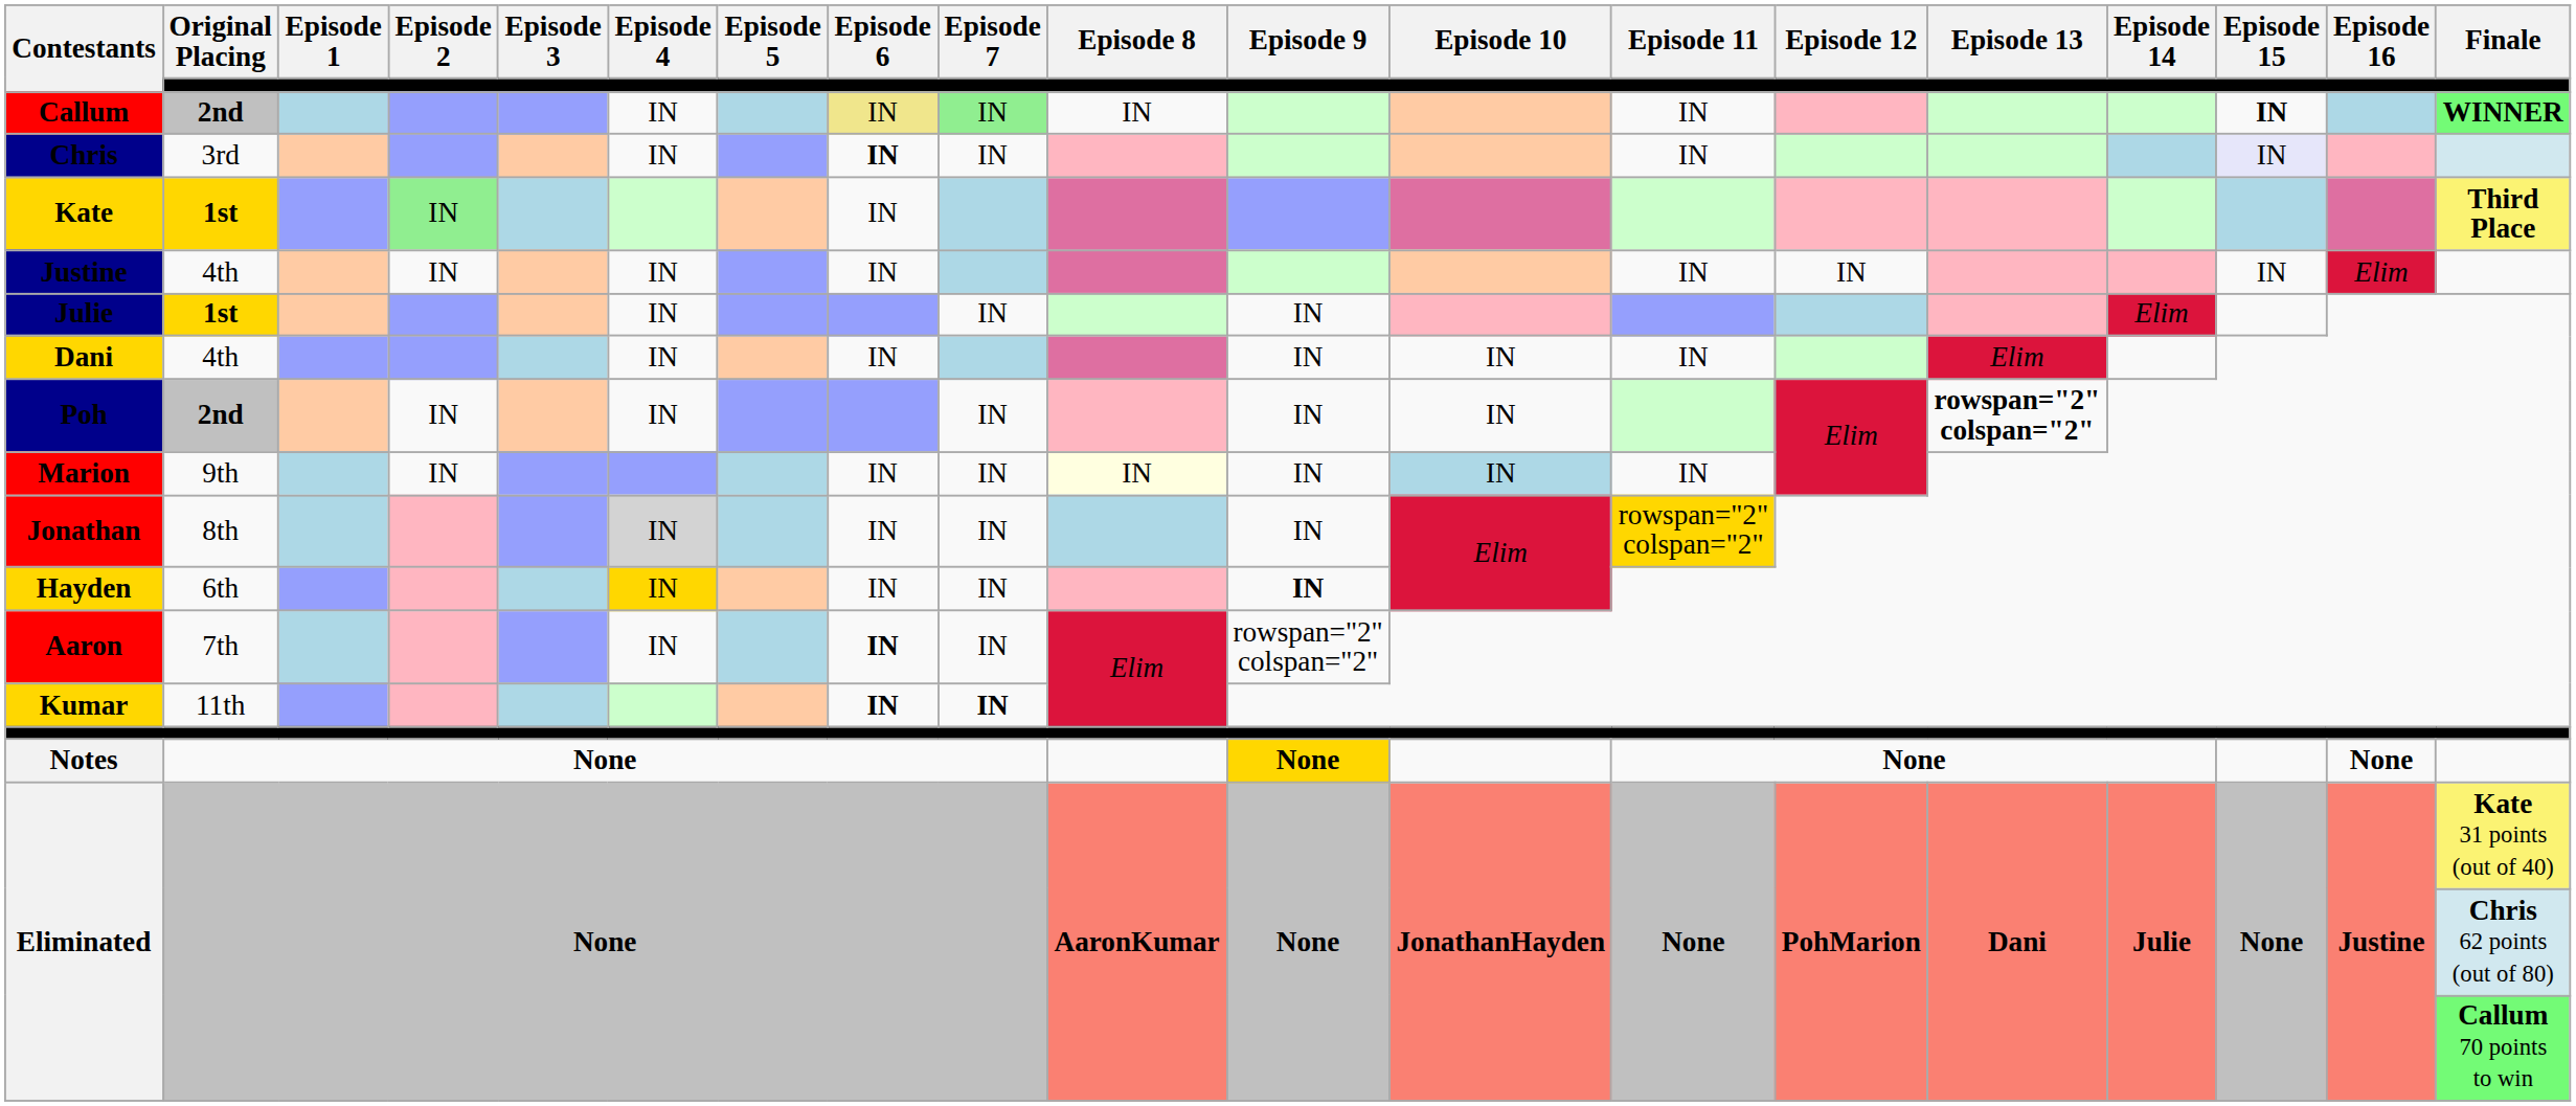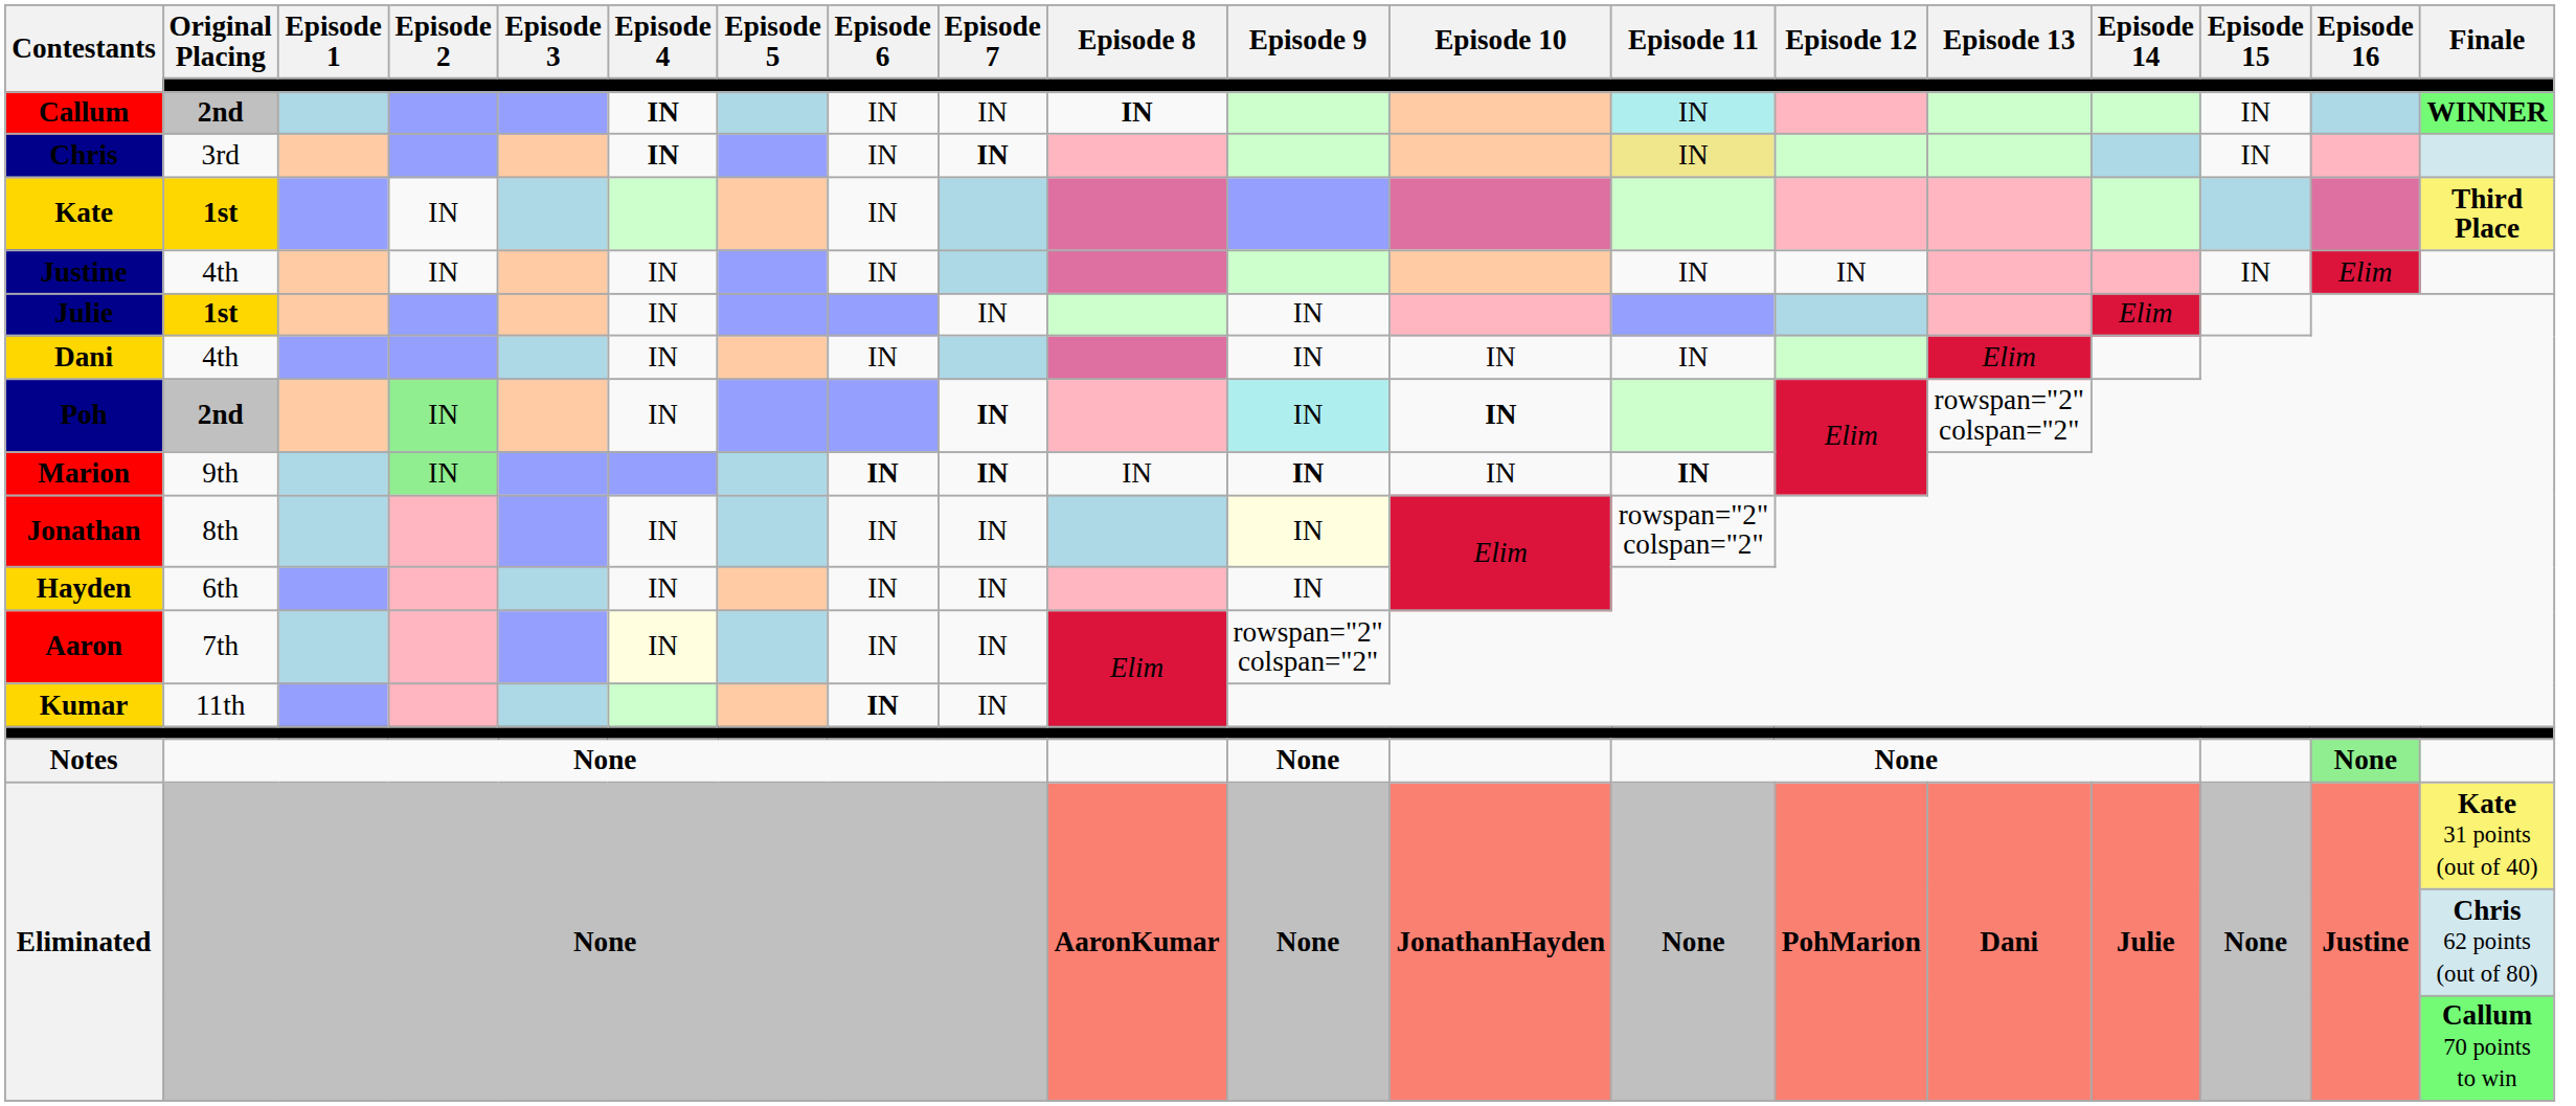 <table class="wikitable" style="text-align:center; width:80%; font-size:90%; line-height:15px">
 <tr>
 <th rowspan="2">Contestants</th>
 <th>Original Placing</th>
 <th>Episode 1</th>
 <th>Episode 2</th>
 <th>Episode 3</th>
 <th>Episode 4</th>
 <th>Episode 5</th>
 <th>Episode 6</th>
 <th>Episode 7</th>
 <th>Episode 8</th>
 <th>Episode 9</th>
 <th>Episode 10</th>
 <th>Episode 11</th>
 <th>Episode 12</th>
 <th>Episode 13</th>
 <th>Episode 14</th>
 <th>Episode 15</th>
 <th>Episode 16</th>
 <th>Finale</th>
 </tr>
 <tr>
 <td style="background:black;" colspan="30"></td>
 </tr>
 <tr>
 <th style="background:red;"><span> Callum</span></th>
 <th style="background: silver;">2nd</th>
 <td style="background:lightblue;"></td>
 <td style="background:#959ffd;"></td>
 <td style="background:#959ffd;"></td>
+<td><strong>IN</strong></td>
+<td style="background:lightblue;"></td>
 <td>IN</td>
-<td style="background:lightblue;"></td>
-<td style="background: khaki;">IN</td>
-<td style="background: lightgreen;">IN</td>
 <td>IN</td>
+<td><strong>IN</strong></td>
 <td style="background:#cfc;"></td>
 <td style="background:#FFCBA4;"></td>
-<td>IN</td>
+<td style="background: paleturquoise;">IN</td>
 <td style="background:lightpink;"></td>
 <td style="background:#cfc;"></td>
 <td style="background:#cfc;"></td>
-<td><strong>IN</strong></td>
+<td>IN</td>
 <td style="background:lightblue;"></td>
 <td style="background:#73fb76;"><strong>WINNER</strong></td>
 </tr>
 <tr>
 <th style="background:darkblue;"><span>Chris</span></th>
 <td>3rd</td>
 <td style="background:#FFCBA4;"></td>
 <td style="background:#959ffd;"></td>
 <td style="background:#FFCBA4;"></td>
+<td><strong>IN</strong></td>
+<td style="background:#959ffd;"></td>
 <td>IN</td>
-<td style="background:#959ffd;"></td>
 <td><strong>IN</strong></td>
-<td>IN</td>
 <td style="background:lightpink;"></td>
 <td style="background:#cfc;"></td>
 <td style="background:#FFCBA4;"></td>
-<td>IN</td>
+<td style="background: khaki;">IN</td>
 <td style="background:#cfc;"></td>
 <td style="background:#cfc;"></td>
 <td style="background:lightblue;"></td>
-<td style="background: lavender;">IN</td>
+<td>IN</td>
 <td style="background:lightpink;"></td>
 <td style="background:#d1e8ef;"></td>
 </tr>
 <tr>
 <th style="background:gold;">Kate</th>
 <th style="background:gold;">1st</th>
 <td style="background:#959ffd;"></td>
-<td style="background: lightgreen;">IN</td>
+<td>IN</td>
 <td style="background:lightblue;"></td>
 <td style="background:#cfc;"></td>
 <td style="background:#FFCBA4;"></td>
 <td>IN</td>
 <td style="background:lightblue;"></td>
 <td style="background:#de6fa1;"></td>
 <td style="background:#959ffd;"></td>
 <td style="background:#de6fa1;"></td>
 <td style="background:#cfc;"></td>
 <td style="background:lightpink;"></td>
 <td style="background:lightpink;"></td>
 <td style="background:#cfc;"></td>
 <td style="background:lightblue;"></td>
 <td style="background:#de6fa1;"></td>
 <td style="background:#fbf373;"><strong>Third Place</strong></td>
 </tr>
 <tr>
 <th style="background:darkblue;"><span>Justine</span></th>
 <td>4th</td>
 <td style="background:#FFCBA4;"></td>
 <td>IN</td>
 <td style="background:#FFCBA4;"></td>
 <td>IN</td>
 <td style="background:#959ffd;"></td>
 <td>IN</td>
 <td style="background:lightblue;"></td>
 <td style="background:#de6fa1;"></td>
 <td style="background:#cfc;"></td>
 <td style="background:#FFCBA4;"></td>
 <td>IN</td>
 <td>IN</td>
 <td style="background:lightpink;"></td>
 <td style="background:lightpink;"></td>
 <td>IN</td>
 <td style="background:crimson;"><em>Elim</em></td>
 <td></td>
 </tr>
 <tr>
 <th style="background:darkblue;"><span>Julie</span></th>
 <th style="background:gold;">1st</th>
 <td style="background:#FFCBA4;"></td>
 <td style="background:#959ffd;"></td>
 <td style="background:#FFCBA4;"></td>
 <td>IN</td>
 <td style="background:#959ffd;"></td>
 <td style="background:#959ffd;"></td>
 <td>IN</td>
 <td style="background:#cfc;"></td>
 <td>IN</td>
 <td style="background:lightpink;"></td>
 <td style="background:#959ffd;"></td>
 <td style="background:lightblue;"></td>
 <td style="background:lightpink;"></td>
 <td style="background:crimson;"><em>Elim</em></td>
 <td></td>
 </tr>
 <tr>
 <th style="background:gold;">Dani</th>
 <td>4th</td>
 <td style="background:#959ffd;"></td>
 <td style="background:#959ffd;"></td>
 <td style="background:lightblue;"></td>
 <td>IN</td>
 <td style="background:#FFCBA4;"></td>
 <td>IN</td>
 <td style="background:lightblue;"></td>
 <td style="background:#de6fa1;"></td>
 <td>IN</td>
 <td>IN</td>
 <td>IN</td>
 <td style="background:#cfc;"></td>
 <td style="background:crimson;"><em>Elim</em></td>
 <td></td>
 </tr>
 <tr>
 <th style="background:darkblue;"><span>Poh</span></th>
 <th style="background:silver;">2nd</th>
 <td style="background:#FFCBA4;"></td>
-<td>IN</td>
+<td style="background: lightgreen;">IN</td>
 <td style="background:#FFCBA4;"></td>
 <td>IN</td>
 <td style="background:#959ffd;"></td>
 <td style="background:#959ffd;"></td>
-<td>IN</td>
+<td><strong>IN</strong></td>
 <td style="background:lightpink;"></td>
-<td>IN</td>
-<td>IN</td>
+<td style="background: paleturquoise;">IN</td>
+<td><strong>IN</strong></td>
 <td style="background:#cfc;"></td>
 <td rowspan="2" style="background:crimson;"><em>Elim</em></td>
-<td><strong>rowspan="2" colspan="2" </strong></td>
+<td>rowspan="2" colspan="2" </td>
 </tr>
 <tr>
 <th style="background:red;"><span> Marion</span></th>
 <td>9th</td>
 <td style="background:lightblue;"></td>
-<td>IN</td>
+<td style="background: lightgreen;">IN</td>
 <td style="background:#959ffd;"></td>
 <td style="background:#959ffd;"></td>
 <td style="background:lightblue;"></td>
+<td><strong>IN</strong></td>
+<td><strong>IN</strong></td>
 <td>IN</td>
+<td><strong>IN</strong></td>
 <td>IN</td>
-<td style="background: lightyellow;">IN</td>
-<td>IN</td>
-<td style="background: lightblue;">IN</td>
-<td>IN</td>
+<td><strong>IN</strong></td>
 </tr>
 <tr>
 <th style="background:red;"><span> Jonathan</span></th>
 <td>8th</td>
 <td style="background:lightblue;"></td>
 <td style="background:lightpink;"></td>
 <td style="background:#959ffd;"></td>
-<td style="background: lightgrey;">IN</td>
+<td>IN</td>
 <td style="background:lightblue;"></td>
 <td>IN</td>
 <td>IN</td>
 <td style="background:lightblue;"></td>
-<td>IN</td>
+<td style="background: lightyellow;">IN</td>
 <td rowspan="2" style="background:crimson;"><em>Elim</em></td>
-<td style="background: gold;">rowspan="2" colspan="2" </td>
+<td>rowspan="2" colspan="2" </td>
 </tr>
 <tr>
 <th style="background:gold;">Hayden</th>
 <td>6th</td>
 <td style="background:#959ffd;"></td>
 <td style="background:lightpink;"></td>
 <td style="background:lightblue;"></td>
-<td style="background: gold;">IN</td>
+<td>IN</td>
 <td style="background:#FFCBA4;"></td>
 <td>IN</td>
 <td>IN</td>
 <td style="background:lightpink;"></td>
-<td><strong>IN</strong></td>
+<td>IN</td>
 </tr>
 <tr>
 <th style="background:red;"><span> Aaron</span></th>
 <td>7th</td>
 <td style="background:lightblue;"></td>
 <td style="background:lightpink;"></td>
 <td style="background:#959ffd;"></td>
+<td style="background: lightyellow;">IN</td>
+<td style="background:lightblue;"></td>
 <td>IN</td>
-<td style="background:lightblue;"></td>
-<td><strong>IN</strong></td>
 <td>IN</td>
 <td rowspan="2" style="background:crimson;"><em>Elim</em></td>
 <td>rowspan="2" colspan="2" </td>
 </tr>
 <tr>
 <th style="background:gold;">Kumar</th>
 <td>11th</td>
 <td style="background:#959ffd;"></td>
 <td style="background:lightpink;"></td>
 <td style="background:lightblue;"></td>
 <td style="background:#cfc;"></td>
 <td style="background:#FFCBA4;"></td>
 <td><strong>IN</strong></td>
-<td><strong>IN</strong></td>
+<td>IN</td>
 </tr>
 <tr>
 <td style="background:black;" colspan="30"></td>
 </tr>
 <tr>
 <th>Notes</th>
 <td colspan=8><strong>None</strong></td>
 <td></td>
-<td style="background: gold;"><strong>None</strong></td>
+<td><strong>None</strong></td>
 <td></td>
 <td colspan=4><strong>None</strong></td>
 <td></td>
-<td><strong>None</strong></td>
+<td style="background: lightgreen;"><strong>None</strong></td>
 <td></td>
 </tr>
 <tr>
 <th rowspan=4>Eliminated</th>
 <td style="background:silver;" colspan=8 rowspan="4"><strong>None</strong></td>
 <td style="background:salmon;" rowspan="4"><strong>AaronKumar</strong></td>
 <td style="background:silver;" rowspan="4"><strong>None</strong></td>
 <td style="background:salmon;" rowspan="4"><strong>JonathanHayden</strong></td>
 <td style="background:silver;" rowspan="4"><strong>None</strong></td>
 <td style="background:salmon;" rowspan="4"><strong>PohMarion</strong></td>
 <td style="background:salmon;" rowspan="4"><strong>Dani</strong></td>
 <td style="background:salmon;" rowspan="4"><strong>Julie</strong></td>
 <td style="background:silver;" rowspan="4"><strong>None</strong></td>
 <td style="background:salmon;" rowspan="4"><strong>Justine</strong></td>
 <td style="background:#fbf373;"><strong>Kate</strong><br><small>31 points<br>(out of 40)</small></td>
 </tr>
 <tr>
 <td style="background:#d1e8ef;"><strong>Chris</strong><br><small>62 points<br>(out of 80)</small></td>
 </tr>
 <tr>
 <td style="background:#73fb76;"><strong>Callum</strong><br><small>70 points<br>to win</small></td>
 </tr>
 </table>
